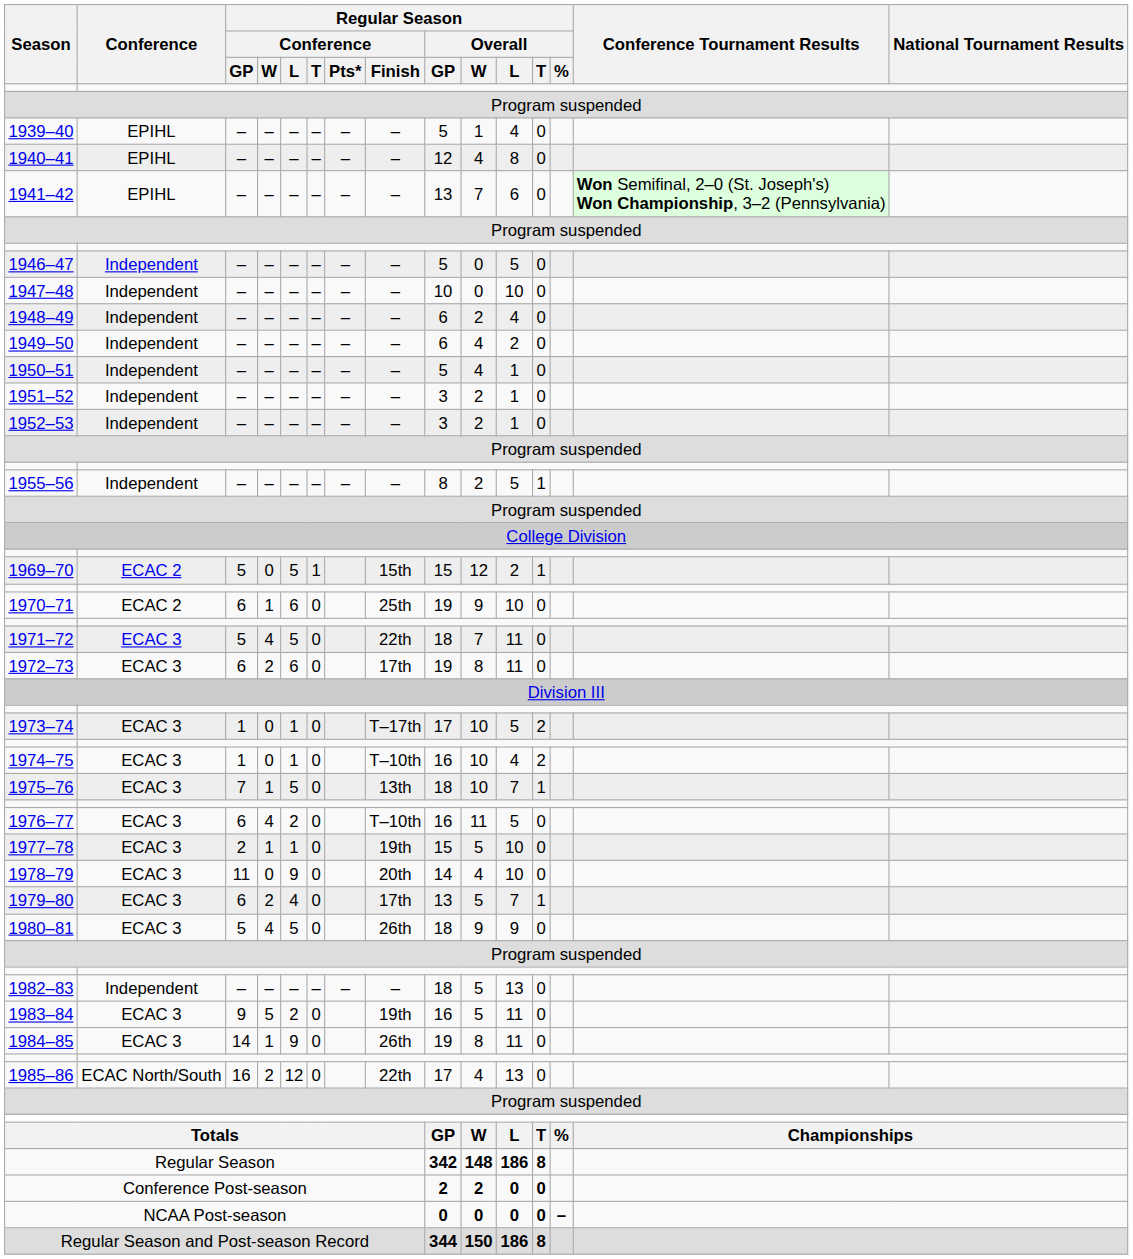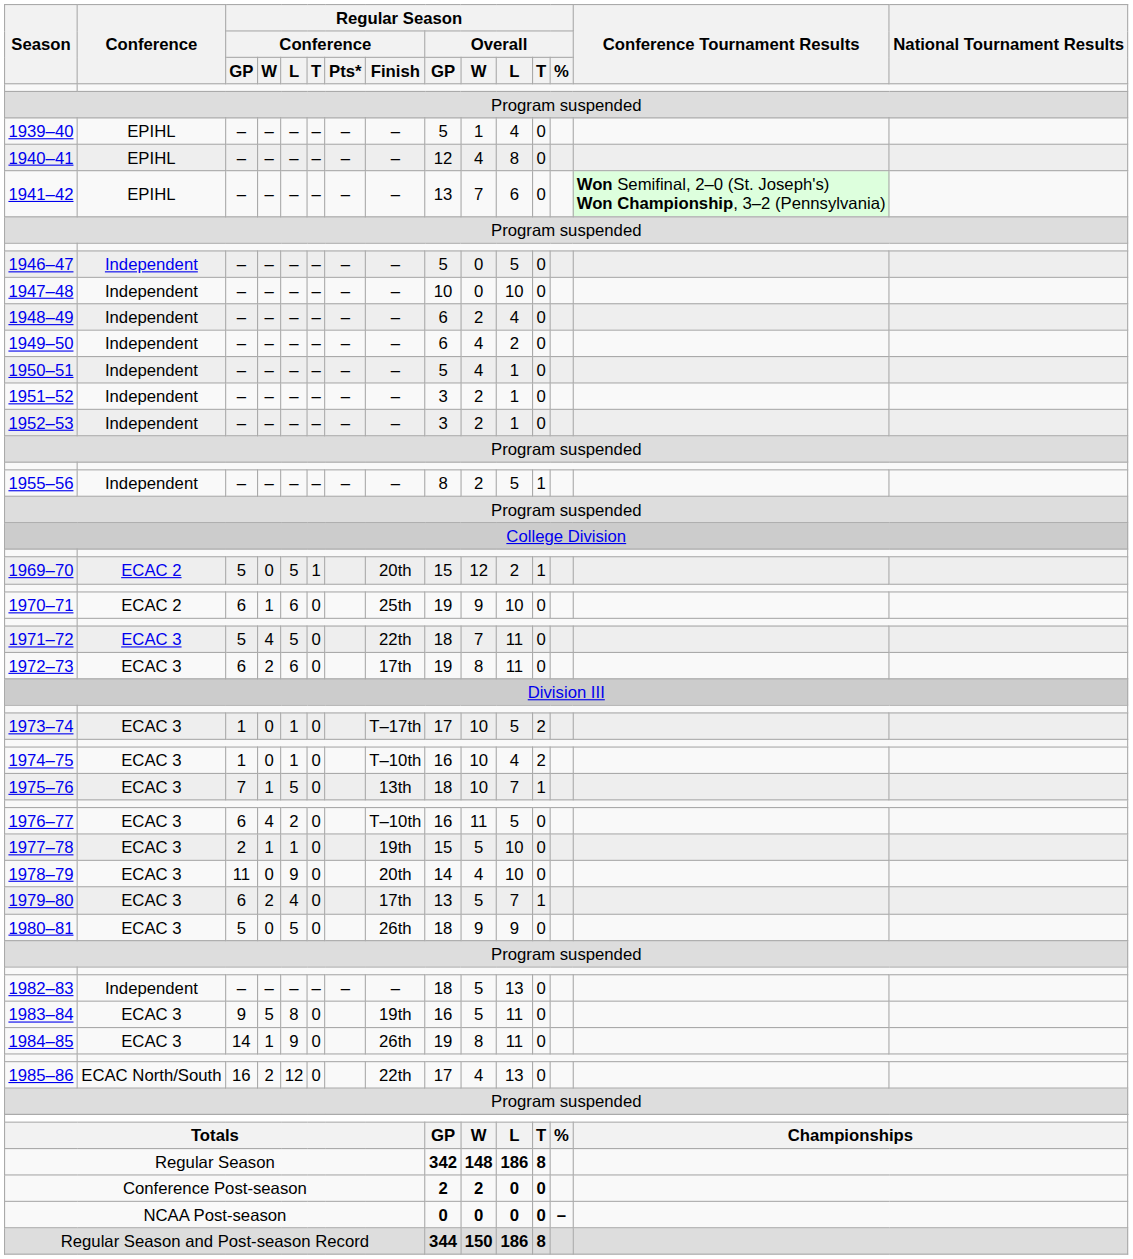 <table class="wikitable" style="text-align: center; font-size: 95%">
 <tr>
 <th rowspan="3">Season</th>
 <th rowspan="3">Conference</th>
 <th colspan="11">Regular Season</th>
 <th rowspan="3">Conference Tournament Results</th>
 <th rowspan="3">National Tournament Results</th>
 </tr>
 <tr>
 <th colspan="6">Conference</th>
 <th colspan="5">Overall</th>
 </tr>
 <tr>
 <th>GP</th>
 <th>W</th>
 <th>L</th>
 <th>T</th>
 <th>Pts*</th>
 <th>Finish</th>
 <th>GP</th>
 <th>W</th>
 <th>L</th>
 <th>T</th>
 <th>%</th>
 </tr>
 <tr>
 <td><a href='#'></a> </td>
 </tr>
 <tr>
 <td style="background:#dddddd;" colspan="15">Program suspended</td>
 </tr>
 <tr>
 <td><a href='#'>1939–40</a></td>
 <td>EPIHL</td>
 <td>–</td>
 <td>–</td>
 <td>–</td>
 <td>–</td>
 <td>–</td>
 <td>–</td>
 <td>5</td>
 <td>1</td>
 <td>4</td>
 <td>0</td>
 <td></td>
 <td align="left"></td>
 <td align="left"></td>
 </tr>
 <tr bgcolor=eeeeee>
 <td><a href='#'>1940–41</a></td>
 <td>EPIHL</td>
 <td>–</td>
 <td>–</td>
 <td>–</td>
 <td>–</td>
 <td>–</td>
 <td>–</td>
 <td>12</td>
 <td>4</td>
 <td>8</td>
 <td>0</td>
 <td></td>
 <td align="left"></td>
 <td align="left"></td>
 </tr>
 <tr>
 <td><a href='#'>1941–42</a></td>
 <td>EPIHL</td>
 <td>–</td>
 <td>–</td>
 <td>–</td>
 <td>–</td>
 <td>–</td>
 <td>–</td>
 <td>13</td>
 <td>7</td>
 <td>6</td>
 <td>0</td>
 <td></td>
 <td style="background: #ddffdd;" align="left"><strong>Won</strong> Semifinal, 2–0 (St. Joseph's)<br><strong>Won Championship</strong>, 3–2 (Pennsylvania)</td>
 <td align="left"></td>
 </tr>
 <tr>
 <td style="background:#dddddd;" colspan="15">Program suspended</td>
 </tr>
 <tr>
 <td><a href='#'></a> </td>
 </tr>
 <tr bgcolor=eeeeee>
 <td><a href='#'>1946–47</a></td>
 <td><a href='#'>Independent</a></td>
 <td>–</td>
 <td>–</td>
 <td>–</td>
 <td>–</td>
 <td>–</td>
 <td>–</td>
 <td>5</td>
 <td>0</td>
 <td>5</td>
 <td>0</td>
 <td></td>
 <td align="left"></td>
 <td align="left"></td>
 </tr>
 <tr>
 <td><a href='#'>1947–48</a></td>
 <td>Independent</td>
 <td>–</td>
 <td>–</td>
 <td>–</td>
 <td>–</td>
 <td>–</td>
 <td>–</td>
 <td>10</td>
 <td>0</td>
 <td>10</td>
 <td>0</td>
 <td></td>
 <td align="left"></td>
 <td align="left"></td>
 </tr>
 <tr bgcolor=eeeeee>
 <td><a href='#'>1948–49</a></td>
 <td>Independent</td>
 <td>–</td>
 <td>–</td>
 <td>–</td>
 <td>–</td>
 <td>–</td>
 <td>–</td>
 <td>6</td>
 <td>2</td>
 <td>4</td>
 <td>0</td>
 <td></td>
 <td align="left"></td>
 <td align="left"></td>
 </tr>
 <tr>
 <td><a href='#'>1949–50</a></td>
 <td>Independent</td>
 <td>–</td>
 <td>–</td>
 <td>–</td>
 <td>–</td>
 <td>–</td>
 <td>–</td>
 <td>6</td>
 <td>4</td>
 <td>2</td>
 <td>0</td>
 <td></td>
 <td align="left"></td>
 <td align="left"></td>
 </tr>
 <tr bgcolor=eeeeee>
 <td><a href='#'>1950–51</a></td>
 <td>Independent</td>
 <td>–</td>
 <td>–</td>
 <td>–</td>
 <td>–</td>
 <td>–</td>
 <td>–</td>
 <td>5</td>
 <td>4</td>
 <td>1</td>
 <td>0</td>
 <td></td>
 <td align="left"></td>
 <td align="left"></td>
 </tr>
 <tr>
 <td><a href='#'>1951–52</a></td>
 <td>Independent</td>
 <td>–</td>
 <td>–</td>
 <td>–</td>
 <td>–</td>
 <td>–</td>
 <td>–</td>
 <td>3</td>
 <td>2</td>
 <td>1</td>
 <td>0</td>
 <td></td>
 <td align="left"></td>
 <td align="left"></td>
 </tr>
 <tr bgcolor=eeeeee>
 <td><a href='#'>1952–53</a></td>
 <td>Independent</td>
 <td>–</td>
 <td>–</td>
 <td>–</td>
 <td>–</td>
 <td>–</td>
 <td>–</td>
 <td>3</td>
 <td>2</td>
 <td>1</td>
 <td>0</td>
 <td></td>
 <td align="left"></td>
 <td align="left"></td>
 </tr>
 <tr>
 <td style="background:#dddddd;" colspan="15">Program suspended</td>
 </tr>
 <tr>
 <td> </td>
 </tr>
 <tr>
 <td><a href='#'>1955–56</a></td>
 <td>Independent</td>
 <td>–</td>
 <td>–</td>
 <td>–</td>
 <td>–</td>
 <td>–</td>
 <td>–</td>
 <td>8</td>
 <td>2</td>
 <td>5</td>
 <td>1</td>
 <td></td>
 <td align="left"></td>
 <td align="left"></td>
 </tr>
 <tr>
 <td style="background:#dddddd;" colspan="15">Program suspended</td>
 </tr>
 <tr>
 <td style="background:#cccccc;" colspan="15"><a href='#'>College Division</a></td>
 </tr>
 <tr>
 <td><a href='#'></a> </td>
 </tr>
 <tr bgcolor=eeeeee>
 <td><a href='#'>1969–70</a></td>
 <td><a href='#'>ECAC 2</a></td>
 <td>5</td>
 <td>0</td>
 <td>5</td>
 <td>1</td>
 <td></td>
-<td>15th</td>
+<td>20th</td>
 <td>15</td>
 <td>12</td>
 <td>2</td>
 <td>1</td>
 <td></td>
 <td align="left"></td>
 <td align="left"></td>
 </tr>
 <tr>
 <td><a href='#'></a> </td>
 </tr>
 <tr>
 <td><a href='#'>1970–71</a></td>
 <td>ECAC 2</td>
 <td>6</td>
 <td>1</td>
 <td>6</td>
 <td>0</td>
 <td></td>
 <td>25th</td>
 <td>19</td>
 <td>9</td>
 <td>10</td>
 <td>0</td>
 <td></td>
 <td align="left"></td>
 <td align="left"></td>
 </tr>
 <tr>
 <td><a href='#'></a> </td>
 </tr>
 <tr bgcolor=eeeeee>
 <td><a href='#'>1971–72</a></td>
 <td><a href='#'>ECAC 3</a></td>
 <td>5</td>
 <td>4</td>
 <td>5</td>
 <td>0</td>
 <td></td>
 <td>22th</td>
 <td>18</td>
 <td>7</td>
 <td>11</td>
 <td>0</td>
 <td></td>
 <td align="left"></td>
 <td align="left"></td>
 </tr>
 <tr>
 <td><a href='#'>1972–73</a></td>
 <td>ECAC 3</td>
 <td>6</td>
 <td>2</td>
 <td>6</td>
 <td>0</td>
 <td></td>
 <td>17th</td>
 <td>19</td>
 <td>8</td>
 <td>11</td>
 <td>0</td>
 <td></td>
 <td align="left"></td>
 <td align="left"></td>
 </tr>
 <tr>
 <td style="background:#cccccc;" colspan="15"><a href='#'>Division III</a></td>
 </tr>
 <tr>
 <td><a href='#'></a> </td>
 </tr>
 <tr bgcolor=eeeeee>
 <td><a href='#'>1973–74</a></td>
 <td>ECAC 3</td>
 <td>1</td>
 <td>0</td>
 <td>1</td>
 <td>0</td>
 <td></td>
 <td>T–17th</td>
 <td>17</td>
 <td>10</td>
 <td>5</td>
 <td>2</td>
 <td></td>
 <td align="left"></td>
 <td align="left"></td>
 </tr>
 <tr>
 <td><a href='#'></a> </td>
 </tr>
 <tr>
 <td><a href='#'>1974–75</a></td>
 <td>ECAC 3</td>
 <td>1</td>
 <td>0</td>
 <td>1</td>
 <td>0</td>
 <td></td>
 <td>T–10th</td>
 <td>16</td>
 <td>10</td>
 <td>4</td>
 <td>2</td>
 <td></td>
 <td align="left"></td>
 <td align="left"></td>
 </tr>
 <tr bgcolor=eeeeee>
 <td><a href='#'>1975–76</a></td>
 <td>ECAC 3</td>
 <td>7</td>
 <td>1</td>
 <td>5</td>
 <td>0</td>
 <td></td>
 <td>13th</td>
 <td>18</td>
 <td>10</td>
 <td>7</td>
 <td>1</td>
 <td></td>
 <td align="left"></td>
 <td align="left"></td>
 </tr>
 <tr>
 <td><a href='#'></a> </td>
 </tr>
 <tr>
 <td><a href='#'>1976–77</a></td>
 <td>ECAC 3</td>
 <td>6</td>
 <td>4</td>
 <td>2</td>
 <td>0</td>
 <td></td>
 <td>T–10th</td>
 <td>16</td>
 <td>11</td>
 <td>5</td>
 <td>0</td>
 <td></td>
 <td align="left"></td>
 <td align="left"></td>
 </tr>
 <tr bgcolor=eeeeee>
 <td><a href='#'>1977–78</a></td>
 <td>ECAC 3</td>
 <td>2</td>
 <td>1</td>
 <td>1</td>
 <td>0</td>
 <td></td>
 <td>19th</td>
 <td>15</td>
 <td>5</td>
 <td>10</td>
 <td>0</td>
 <td></td>
 <td align="left"></td>
 <td align="left"></td>
 </tr>
 <tr>
 <td><a href='#'>1978–79</a></td>
 <td>ECAC 3</td>
 <td>11</td>
 <td>0</td>
 <td>9</td>
 <td>0</td>
 <td></td>
 <td>20th</td>
 <td>14</td>
 <td>4</td>
 <td>10</td>
 <td>0</td>
 <td></td>
 <td align="left"></td>
 <td align="left"></td>
 </tr>
 <tr bgcolor=eeeeee>
 <td><a href='#'>1979–80</a></td>
 <td>ECAC 3</td>
 <td>6</td>
 <td>2</td>
 <td>4</td>
 <td>0</td>
 <td></td>
 <td>17th</td>
 <td>13</td>
 <td>5</td>
 <td>7</td>
 <td>1</td>
 <td></td>
 <td align="left"></td>
 <td align="left"></td>
 </tr>
 <tr>
 <td><a href='#'>1980–81</a></td>
 <td>ECAC 3</td>
 <td>5</td>
-<td>4</td>
+<td>0</td>
 <td>5</td>
 <td>0</td>
 <td></td>
 <td>26th</td>
 <td>18</td>
 <td>9</td>
 <td>9</td>
 <td>0</td>
 <td></td>
 <td align="left"></td>
 <td align="left"></td>
 </tr>
 <tr>
 <td style="background:#dddddd;" colspan="15">Program suspended</td>
 </tr>
 <tr>
 <td><a href='#'></a> </td>
 </tr>
 <tr>
 <td><a href='#'>1982–83</a></td>
 <td>Independent</td>
 <td>–</td>
 <td>–</td>
 <td>–</td>
 <td>–</td>
 <td>–</td>
 <td>–</td>
 <td>18</td>
 <td>5</td>
 <td>13</td>
 <td>0</td>
 <td></td>
 <td align="left"></td>
 <td align="left"></td>
 </tr>
 <tr>
 <td><a href='#'>1983–84</a></td>
 <td>ECAC 3</td>
 <td>9</td>
 <td>5</td>
-<td>2</td>
+<td>8</td>
 <td>0</td>
 <td></td>
 <td>19th</td>
 <td>16</td>
 <td>5</td>
 <td>11</td>
 <td>0</td>
 <td></td>
 <td align="left"></td>
 <td align="left"></td>
 </tr>
 <tr>
 <td><a href='#'>1984–85</a></td>
 <td>ECAC 3</td>
 <td>14</td>
 <td>1</td>
 <td>9</td>
 <td>0</td>
 <td></td>
 <td>26th</td>
 <td>19</td>
 <td>8</td>
 <td>11</td>
 <td>0</td>
 <td></td>
 <td align="left"></td>
 <td align="left"></td>
 </tr>
 <tr>
 <td><a href='#'></a> </td>
 </tr>
 <tr>
 <td><a href='#'>1985–86</a></td>
 <td>ECAC North/South</td>
 <td>16</td>
 <td>2</td>
 <td>12</td>
 <td>0</td>
 <td></td>
 <td>22th</td>
 <td>17</td>
 <td>4</td>
 <td>13</td>
 <td>0</td>
 <td></td>
 <td align="left"></td>
 <td align="left"></td>
 </tr>
 <tr>
 <td style="background:#dddddd;" colspan="15">Program suspended</td>
 </tr>
 <tr>
 </tr>
 <tr ->
 </tr>
 <tr>
 <td colspan="16" style="background:#fff;"></td>
 </tr>
 <tr>
 <th colspan="8">Totals</th>
 <th>GP</th>
 <th>W</th>
 <th>L</th>
 <th>T</th>
 <th>%</th>
 <th colspan="2">Championships</th>
 </tr>
 <tr>
 <td colspan="8">Regular Season</td>
 <td><strong>342</strong></td>
 <td><strong>148</strong></td>
 <td><strong>186</strong></td>
 <td><strong>8</strong></td>
 <td><strong></strong></td>
 <td colspan="2" align="left"></td>
 </tr>
 <tr>
 <td colspan="8">Conference Post-season</td>
 <td><strong>2</strong></td>
 <td><strong>2</strong></td>
 <td><strong>0</strong></td>
 <td><strong>0</strong></td>
 <td><strong></strong></td>
 <td colspan="2" align="left"></td>
 </tr>
 <tr>
 <td colspan="8">NCAA Post-season</td>
 <td><strong>0</strong></td>
 <td><strong>0</strong></td>
 <td><strong>0</strong></td>
 <td><strong>0</strong></td>
 <td><strong>–</strong></td>
 <td colspan="2" align="left"></td>
 </tr>
 <tr bgcolor=dddddd>
 <td colspan="8">Regular Season and Post-season Record</td>
 <td><strong>344</strong></td>
 <td><strong>150</strong></td>
 <td><strong>186</strong></td>
 <td><strong>8</strong></td>
 <td><strong></strong></td>
 <td colspan="2" align="left"></td>
 </tr>
 </table>
